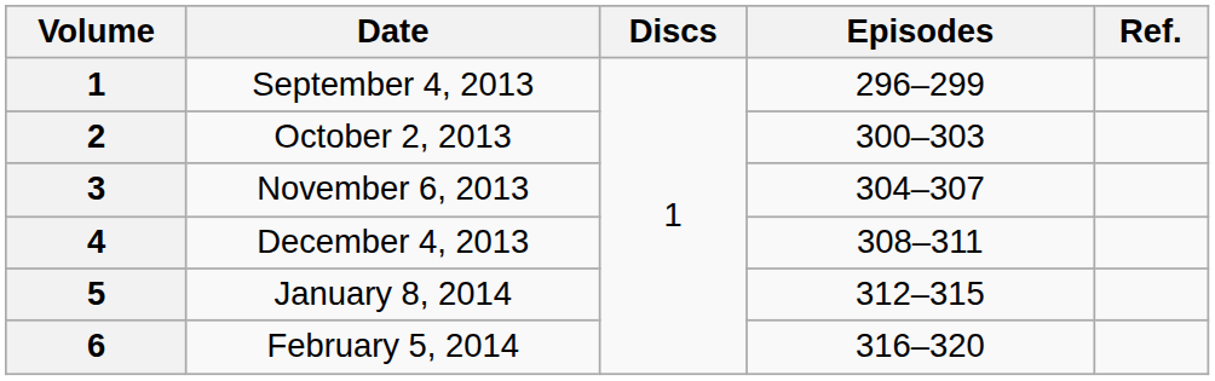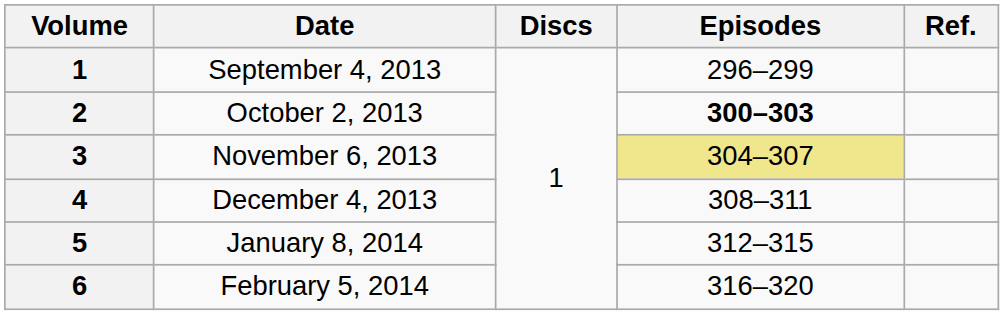 <table class="wikitable" style="text-align:center;">
 <tr>
 <th scope="col" style="width:5em;">Volume</th>
 <th scope="col" style="width:12em;">Date</th>
 <th scope="col" style="width:4em;">Discs</th>
 <th scope="col" style="width:10em;">Episodes</th>
 <th scope="col" style="width:3em;">Ref.</th>
 </tr>
 <tr>
 <th scope="row">1</th>
 <td>September 4, 2013</td>
 <td rowspan="6">1</td>
 <td>296–299</td>
 <td></td>
 </tr>
 <tr>
 <th scope="row">2</th>
 <td>October 2, 2013</td>
-<td>300–303</td>
+<td><strong>300–303</strong></td>
 <td></td>
 </tr>
 <tr>
 <th scope="row">3</th>
 <td>November 6, 2013</td>
-<td>304–307</td>
+<td style="background: khaki;">304–307</td>
 <td></td>
 </tr>
 <tr>
 <th scope="row">4</th>
 <td>December 4, 2013</td>
 <td>308–311</td>
 <td></td>
 </tr>
 <tr>
 <th scope="row">5</th>
 <td>January 8, 2014</td>
 <td>312–315</td>
 <td></td>
 </tr>
 <tr>
 <th scope="row">6</th>
 <td>February 5, 2014</td>
 <td>316–320</td>
 <td></td>
 </tr>
 </table>
